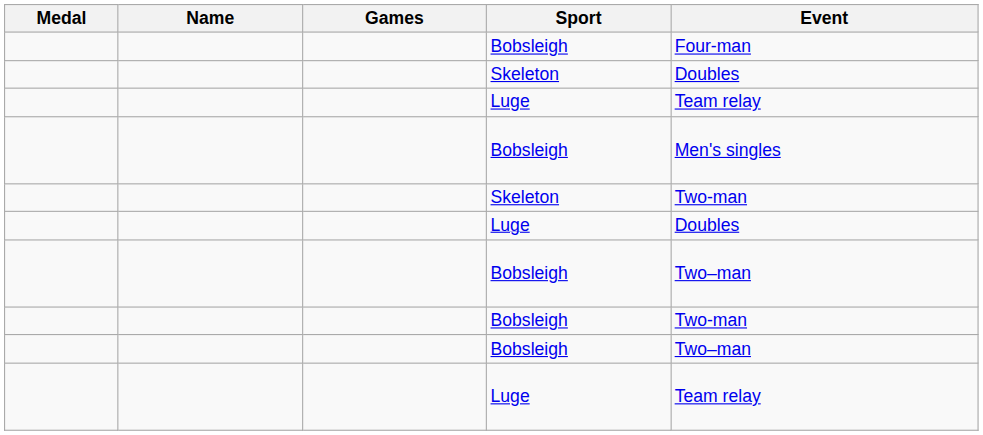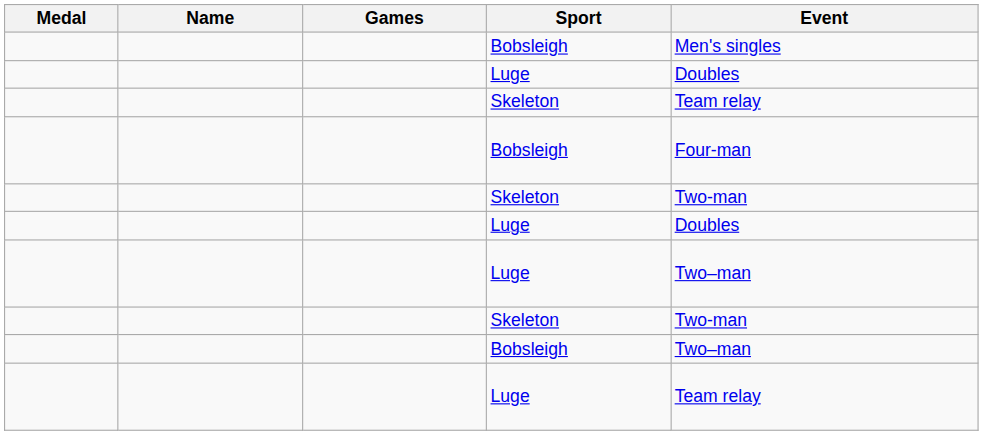 <table class="wikitable sortable">
 <tr>
 <th style="width:6em">Medal</th>
 <th style="width:10em">Name</th>
 <th style="width:10em">Games</th>
 <th style="width:10em">Sport</th>
 <th style="width:17em">Event</th>
 </tr>
 <tr>
 <td></td>
 <td></td>
 <td></td>
 <td> <a href='#'>Bobsleigh</a></td>
-<td><a href='#'>Four-man</a></td>
+<td><a href='#'>Men's singles</a></td>
 </tr>
 <tr>
 <td></td>
 <td><br></td>
 <td></td>
-<td> <a href='#'>Skeleton</a></td>
+<td> <a href='#'>Luge</a></td>
 <td><a href='#'>Doubles</a></td>
 </tr>
 <tr>
 <td></td>
 <td></td>
 <td></td>
-<td> <a href='#'>Luge</a></td>
+<td> <a href='#'>Skeleton</a></td>
 <td><a href='#'>Team relay</a></td>
 </tr>
 <tr>
 <td></td>
 <td><br><br><br></td>
 <td></td>
 <td> <a href='#'>Bobsleigh</a></td>
-<td><a href='#'>Men's singles</a></td>
+<td><a href='#'>Four-man</a></td>
 </tr>
 <tr>
 <td></td>
 <td></td>
 <td></td>
 <td> <a href='#'>Skeleton</a></td>
 <td><a href='#'>Two-man</a></td>
 </tr>
 <tr>
 <td></td>
 <td><br></td>
 <td></td>
 <td> <a href='#'>Luge</a></td>
 <td><a href='#'>Doubles</a></td>
 </tr>
 <tr>
 <td></td>
 <td><br><br><br></td>
 <td></td>
-<td> <a href='#'>Bobsleigh</a></td>
+<td> <a href='#'>Luge</a></td>
 <td><a href='#'>Two–man</a></td>
 </tr>
 <tr>
 <td></td>
 <td><br></td>
 <td></td>
-<td> <a href='#'>Bobsleigh</a></td>
+<td> <a href='#'>Skeleton</a></td>
 <td><a href='#'>Two-man</a></td>
 </tr>
 <tr>
 <td></td>
 <td><br></td>
 <td></td>
 <td> <a href='#'>Bobsleigh</a></td>
 <td><a href='#'>Two–man</a></td>
 </tr>
 <tr>
 <td></td>
 <td><br><br><br></td>
 <td></td>
 <td> <a href='#'>Luge</a></td>
 <td><a href='#'>Team relay</a></td>
 </tr>
 </table>
